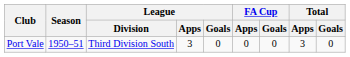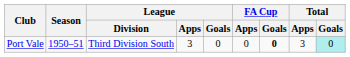 <table class="wikitable" style="text-align:center">
 <tr>
 <th rowspan="2">Club</th>
 <th rowspan="2">Season</th>
 <th colspan="3">League</th>
 <th colspan="2"><a href='#'>FA Cup</a></th>
 <th colspan="2">Total</th>
 </tr>
 <tr>
 <th>Division</th>
 <th>Apps</th>
 <th>Goals</th>
 <th>Apps</th>
 <th>Goals</th>
 <th>Apps</th>
 <th>Goals</th>
 </tr>
 <tr>
 <td><a href='#'>Port Vale</a></td>
 <td><a href='#'>1950–51</a></td>
 <td><a href='#'>Third Division South</a></td>
 <td>3</td>
 <td>0</td>
 <td>0</td>
-<td>0</td>
+<td><strong>0</strong></td>
 <td>3</td>
-<td>0</td>
+<td style="background: paleturquoise;">0</td>
 </tr>
 </table>
